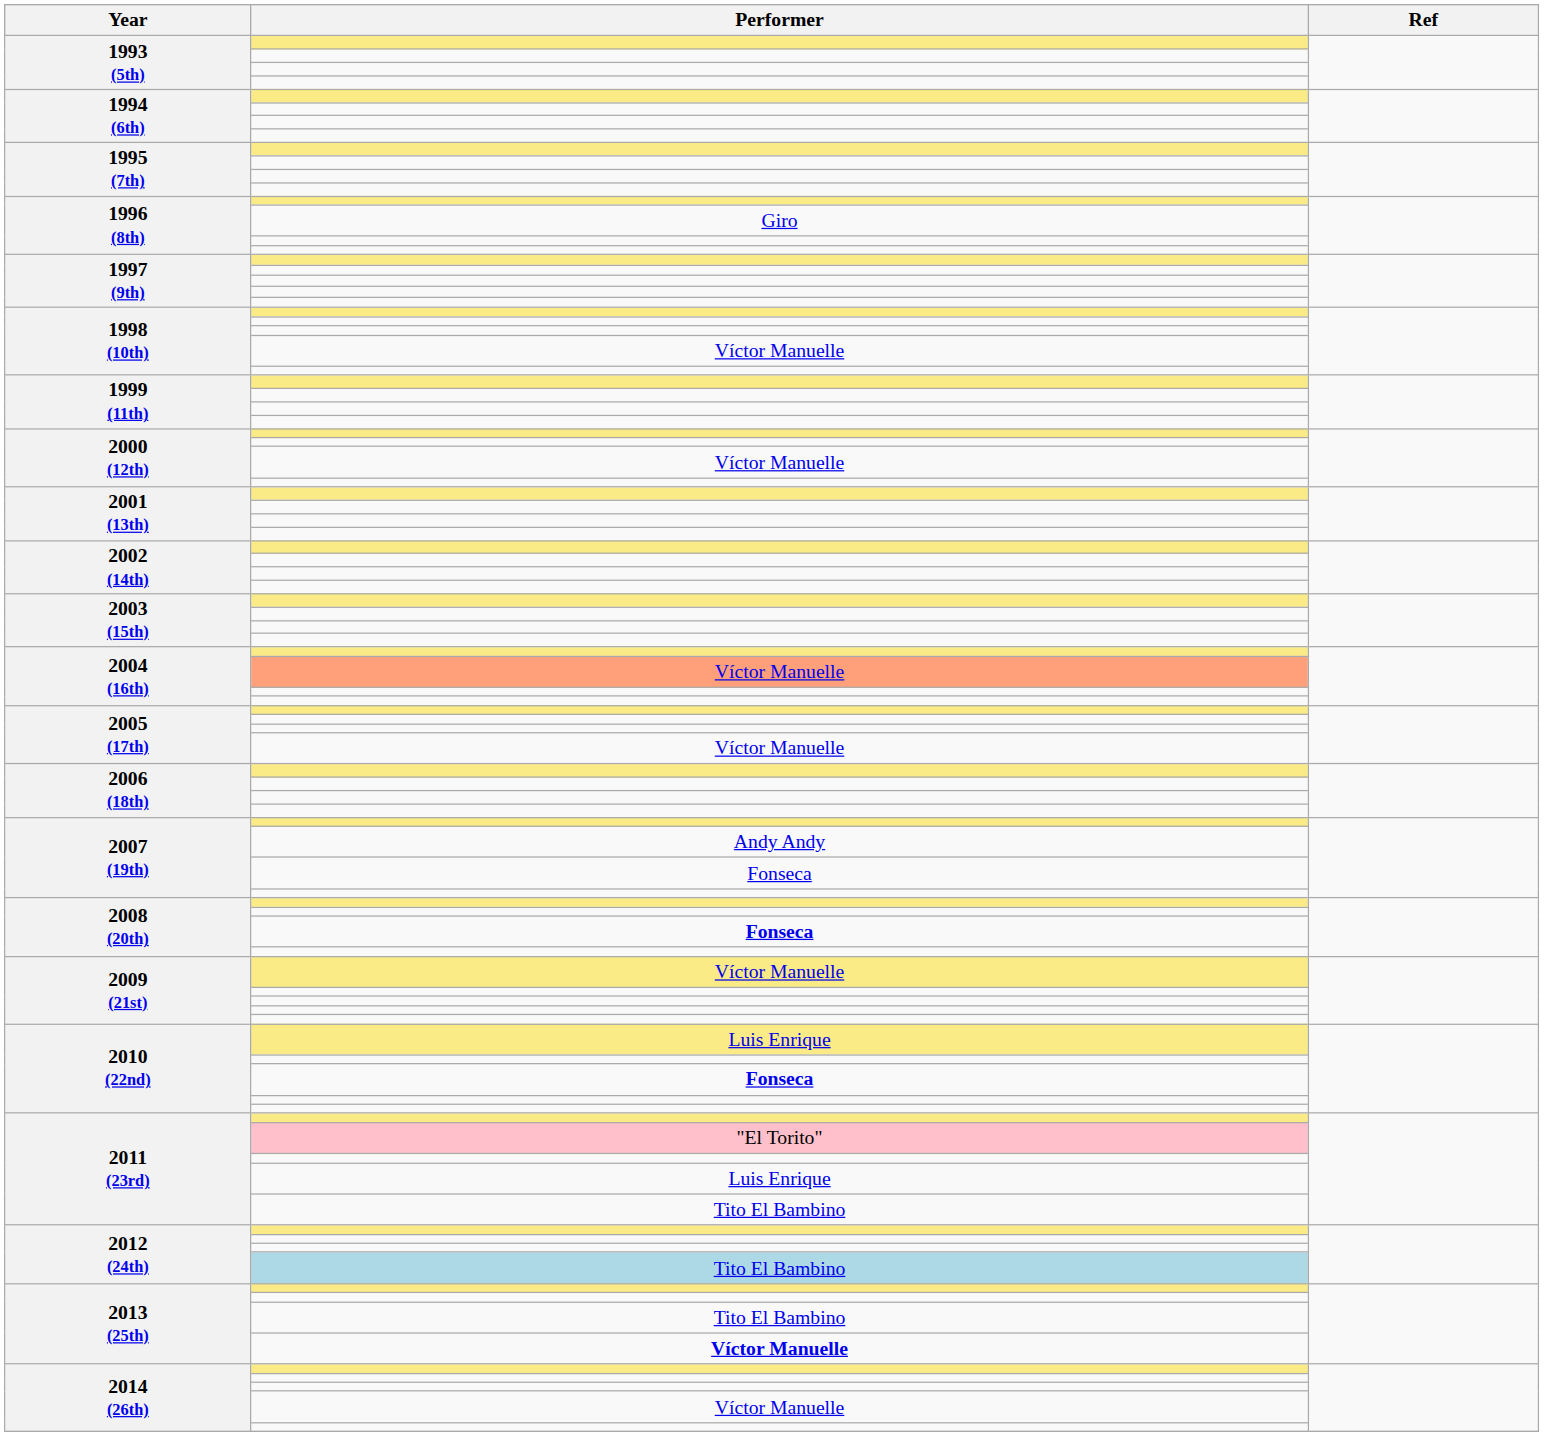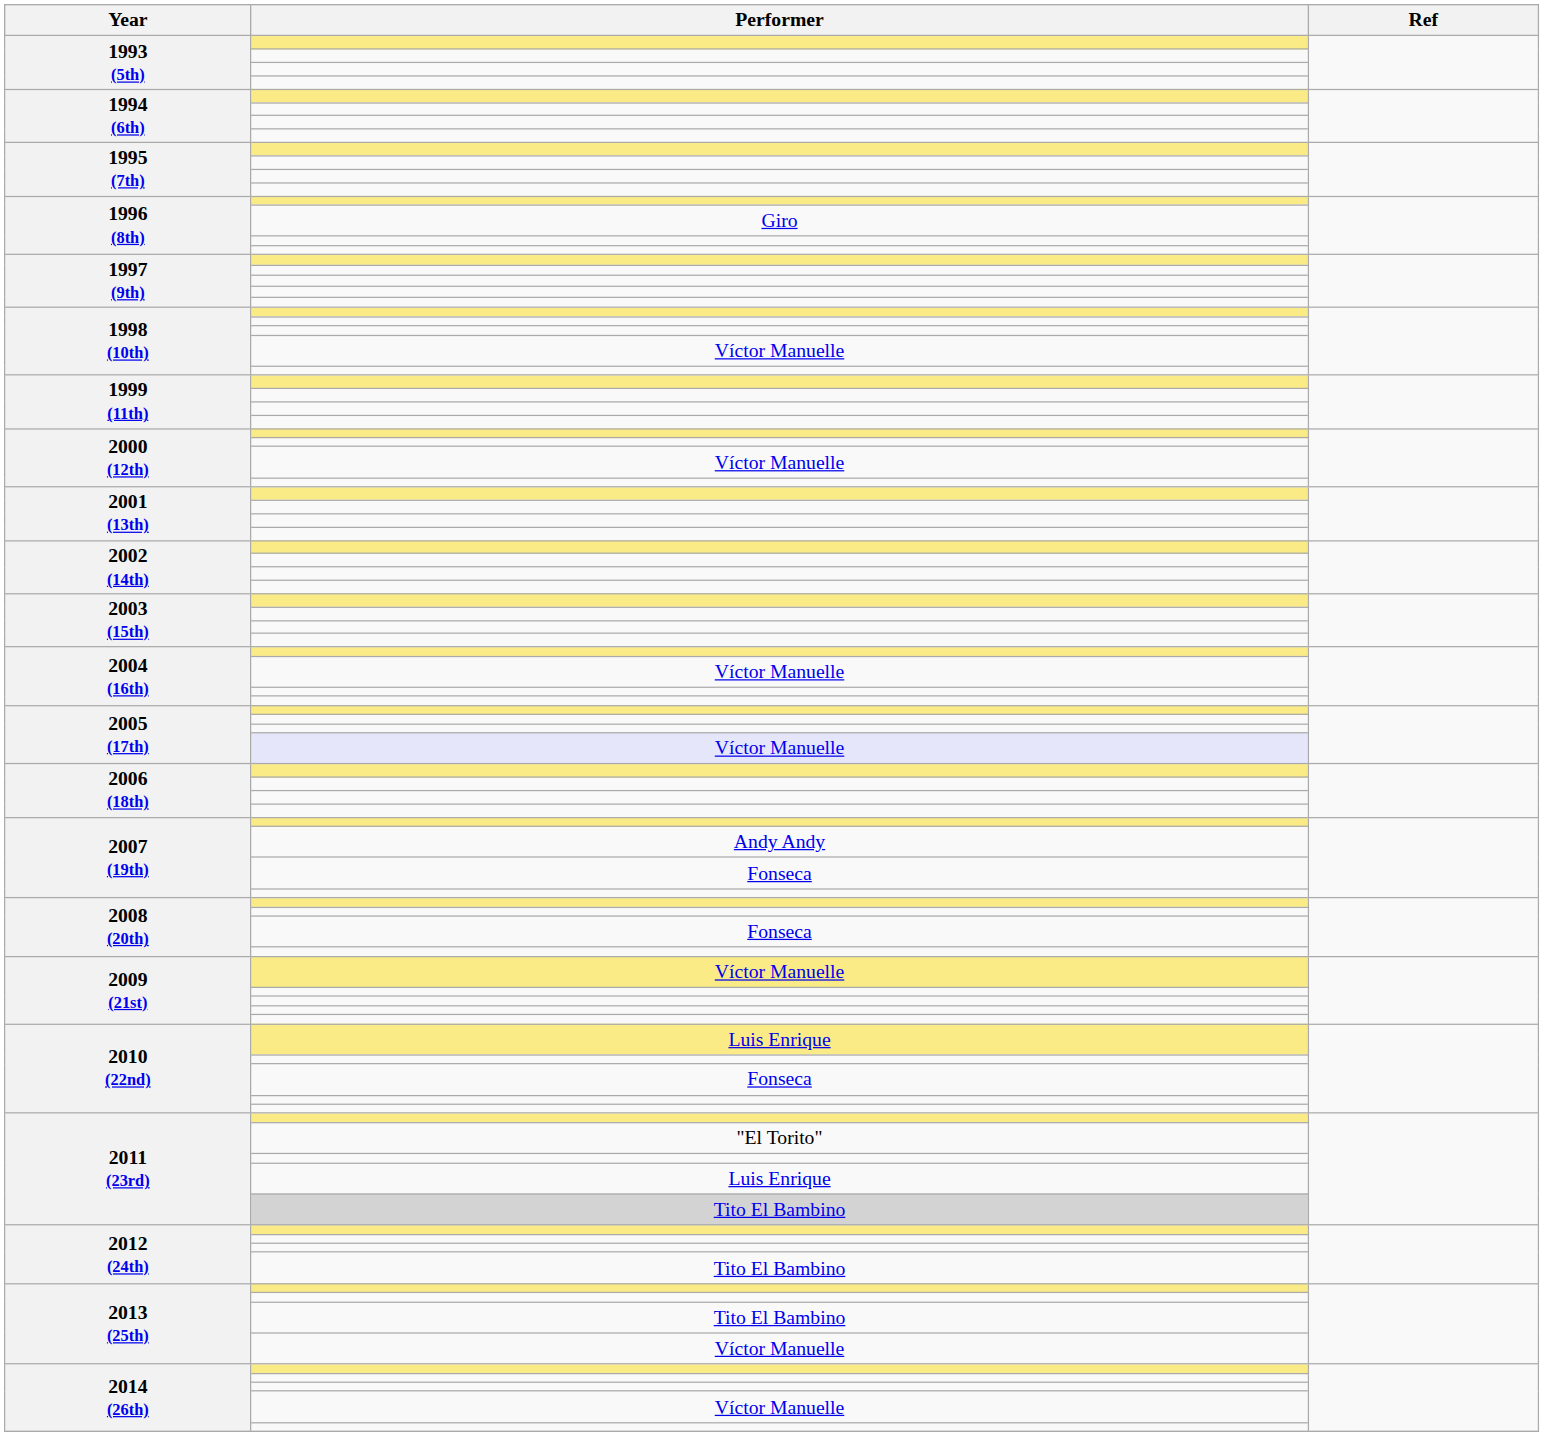 <table class="wikitable sortable" style="text-align:center;">
 <tr style="background:#bebebe;">
 <th scope="col" style="width:1%;">Year</th>
 <th scope="col" style="width:5%;">Performer</th>
 <th scope="col" style="width:1%;" class="unsortable">Ref</th>
 </tr>
 <tr>
 <th scope="row"  rowspan=4 style="text-align:center">1993 <br><small><a href='#'>(5th)</a></small></th>
 <td style="background:#FAEB86"></td>
 <td rowspan=4></td>
 </tr>
 <tr>
 <td></td>
 </tr>
 <tr>
 <td></td>
 </tr>
 <tr>
 <td></td>
 </tr>
 <tr>
 <th scope="row"  rowspan=4 style="text-align:center">1994 <br><small><a href='#'>(6th)</a></small></th>
 <td style="background:#FAEB86"></td>
 <td rowspan=4></td>
 </tr>
 <tr>
 <td></td>
 </tr>
 <tr>
 <td></td>
 </tr>
 <tr>
 <td></td>
 </tr>
 <tr>
 <th scope="row"  rowspan=4 style="text-align:center">1995 <br><small><a href='#'>(7th)</a></small></th>
 <td style="background:#FAEB86"></td>
 <td rowspan=4></td>
 </tr>
 <tr>
 <td></td>
 </tr>
 <tr>
 <td></td>
 </tr>
 <tr>
 <td></td>
 </tr>
 <tr>
 <th scope="row"  rowspan=4 style="text-align:center">1996 <br><small><a href='#'>(8th)</a></small></th>
 <td style="background:#FAEB86"></td>
 <td rowspan=4></td>
 </tr>
 <tr>
 <td><a href='#'>Giro</a></td>
 </tr>
 <tr>
 <td></td>
 </tr>
 <tr>
 <td></td>
 </tr>
 <tr>
 <th scope="row" rowspan=5 style="text-align:center">1997 <br><small><a href='#'>(9th)</a></small></th>
 <td style="background:#FAEB86"></td>
 <td rowspan=5></td>
 </tr>
 <tr>
 <td></td>
 </tr>
 <tr>
 <td></td>
 </tr>
 <tr>
 <td></td>
 </tr>
 <tr>
 <td></td>
 </tr>
 <tr>
 <th scope="row" rowspan=5 style="text-align:center">1998 <br><small><a href='#'>(10th)</a></small></th>
 <td style="background:#FAEB86"></td>
 <td rowspan=5></td>
 </tr>
 <tr>
 <td></td>
 </tr>
 <tr>
 <td></td>
 </tr>
 <tr>
 <td><a href='#'>Víctor Manuelle</a></td>
 </tr>
 <tr>
 <td></td>
 </tr>
 <tr>
 <th scope="row" rowspan=4 style="text-align:center">1999 <br><small><a href='#'>(11th)</a></small></th>
 <td style="background:#FAEB86"></td>
 <td rowspan=4></td>
 </tr>
 <tr>
 <td></td>
 </tr>
 <tr>
 <td></td>
 </tr>
 <tr>
 <td></td>
 </tr>
 <tr>
 <th scope="row" rowspan=4 style="text-align:center">2000 <br><small><a href='#'>(12th)</a></small></th>
 <td style="background:#FAEB86"></td>
 <td rowspan=4></td>
 </tr>
 <tr>
 <td></td>
 </tr>
 <tr>
 <td><a href='#'>Víctor Manuelle</a></td>
 </tr>
 <tr>
 <td></td>
 </tr>
 <tr>
 <th scope="row" rowspan=4 style="text-align:center">2001 <br><small><a href='#'>(13th)</a></small></th>
 <td style="background:#FAEB86"></td>
 <td rowspan=4></td>
 </tr>
 <tr>
 <td></td>
 </tr>
 <tr>
 <td></td>
 </tr>
 <tr>
 <td></td>
 </tr>
 <tr>
 <th scope="row" rowspan=4 style="text-align:center">2002 <br><small><a href='#'>(14th)</a></small></th>
 <td style="background:#FAEB86"></td>
 <td rowspan=4></td>
 </tr>
 <tr>
 <td></td>
 </tr>
 <tr>
 <td></td>
 </tr>
 <tr>
 <td></td>
 </tr>
 <tr>
 <th scope="row" rowspan=4 style="text-align:center">2003 <br><small><a href='#'>(15th)</a></small></th>
 <td style="background:#FAEB86"></td>
 <td rowspan=4></td>
 </tr>
 <tr>
 <td></td>
 </tr>
 <tr>
 <td></td>
 </tr>
 <tr>
 <td></td>
 </tr>
 <tr>
 <th scope="row" rowspan=4 style="text-align:center">2004 <br><small><a href='#'>(16th)</a></small></th>
 <td style="background:#FAEB86"></td>
 <td rowspan=4></td>
 </tr>
 <tr>
-<td style="background: lightsalmon;"><a href='#'>Víctor Manuelle</a></td>
+<td><a href='#'>Víctor Manuelle</a></td>
 </tr>
 <tr>
 <td></td>
 </tr>
 <tr>
 <td></td>
 </tr>
 <tr>
 <th scope="row" rowspan=4 style="text-align:center">2005 <br><small><a href='#'>(17th)</a></small></th>
 <td style="background:#FAEB86"></td>
 <td rowspan=4></td>
 </tr>
 <tr>
 <td></td>
 </tr>
 <tr>
 <td></td>
 </tr>
 <tr>
-<td><a href='#'>Víctor Manuelle</a></td>
+<td style="background: lavender;"><a href='#'>Víctor Manuelle</a></td>
 </tr>
 <tr>
 <th scope="row" rowspan=4 style="text-align:center">2006 <br><small><a href='#'>(18th)</a></small></th>
 <td style="background:#FAEB86"></td>
 <td rowspan=4></td>
 </tr>
 <tr>
 <td></td>
 </tr>
 <tr>
 <td></td>
 </tr>
 <tr>
 <td></td>
 </tr>
 <tr>
 <th scope="row" rowspan=4 style="text-align:center">2007 <br><small><a href='#'>(19th)</a></small></th>
 <td style="background:#FAEB86"></td>
 <td rowspan=4></td>
 </tr>
 <tr>
 <td><a href='#'>Andy Andy</a></td>
 </tr>
 <tr>
 <td><a href='#'>Fonseca</a></td>
 </tr>
 <tr>
 <td></td>
 </tr>
 <tr>
 <th scope="row" rowspan=4 style="text-align:center">2008 <br><small><a href='#'>(20th)</a></small></th>
 <td style="background:#FAEB86"></td>
 <td rowspan=4></td>
 </tr>
 <tr>
 <td></td>
 </tr>
 <tr>
-<td><strong><a href='#'>Fonseca</a></strong></td>
+<td><a href='#'>Fonseca</a></td>
 </tr>
 <tr>
 <td></td>
 </tr>
 <tr>
 <th scope="row" rowspan=5 style="text-align:center">2009 <br><small><a href='#'>(21st)</a></small></th>
 <td style="background:#FAEB86"><a href='#'>Víctor Manuelle</a></td>
 <td rowspan=5></td>
 </tr>
 <tr>
 <td></td>
 </tr>
 <tr>
 <td></td>
 </tr>
 <tr>
 <td></td>
 </tr>
 <tr>
 <td></td>
 </tr>
 <tr>
 <th scope="row" rowspan=5 style="text-align:center">2010 <br><small><a href='#'>(22nd)</a></small></th>
 <td style="background:#FAEB86"><a href='#'>Luis Enrique</a></td>
 <td rowspan=5></td>
 </tr>
 <tr>
 <td></td>
 </tr>
 <tr>
-<td><strong><a href='#'>Fonseca</a></strong></td>
+<td><a href='#'>Fonseca</a></td>
 </tr>
 <tr>
 <td></td>
 </tr>
 <tr>
 <td></td>
 </tr>
 <tr>
 <th scope="row" rowspan=5 style="text-align:center">2011 <br><small><a href='#'>(23rd)</a></small></th>
 <td style="background:#FAEB86"></td>
 <td rowspan=5></td>
 </tr>
 <tr>
-<td style="background: pink;"> "El Torito"</td>
+<td> "El Torito"</td>
 </tr>
 <tr>
 <td></td>
 </tr>
 <tr>
 <td><a href='#'>Luis Enrique</a></td>
 </tr>
 <tr>
-<td><a href='#'>Tito El Bambino</a></td>
+<td style="background: lightgrey;"><a href='#'>Tito El Bambino</a></td>
 </tr>
 <tr>
 <th scope="row" rowspan=4 style="text-align:center">2012 <br><small><a href='#'>(24th)</a></small></th>
 <td style="background:#FAEB86"></td>
 <td rowspan=4></td>
 </tr>
 <tr>
 <td></td>
 </tr>
 <tr>
 <td></td>
 </tr>
 <tr>
-<td style="background: lightblue;"><a href='#'>Tito El Bambino</a></td>
+<td><a href='#'>Tito El Bambino</a></td>
 </tr>
 <tr>
 <th scope="row" rowspan=4 style="text-align:center">2013 <br><small><a href='#'>(25th)</a></small></th>
 <td style="background:#FAEB86"></td>
 <td rowspan=4></td>
 </tr>
 <tr>
 <td></td>
 </tr>
 <tr>
 <td><a href='#'>Tito El Bambino</a></td>
 </tr>
 <tr>
-<td><strong><a href='#'>Víctor Manuelle</a></strong></td>
+<td><a href='#'>Víctor Manuelle</a></td>
 </tr>
 <tr>
 <th scope="row" rowspan=5 style="text-align:center">2014 <br><small><a href='#'>(26th)</a></small></th>
 <td style="background:#FAEB86"></td>
 <td rowspan=5></td>
 </tr>
 <tr>
 <td></td>
 </tr>
 <tr>
 <td></td>
 </tr>
 <tr>
 <td><a href='#'>Víctor Manuelle</a></td>
 </tr>
 <tr>
 <td></td>
 </tr>
 <tr>
 </tr>
 </table>
